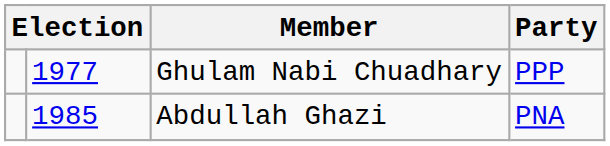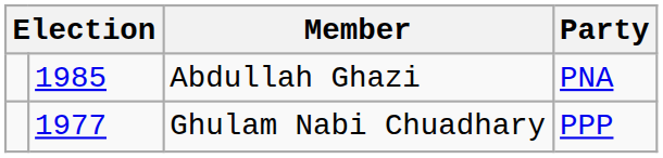 <table class="wikitable">
 <tr>
 <th colspan="2">Election</th>
 <th>Member</th>
 <th>Party</th>
 </tr>
 <tr>
 <td style="background-color: "></td>
+<td><a href='#'>1985</a></td>
+<td>Abdullah Ghazi</td>
+<td><a href='#'>PNA</a></td>
+</tr>
+<tr>
+<td style="background-color: "></td>
 <td><a href='#'>1977</a></td>
 <td>Ghulam Nabi Chuadhary</td>
 <td><a href='#'>PPP</a></td>
 </tr>
-<tr>
-<td style="background-color: "></td>
-<td><a href='#'>1985</a></td>
-<td>Abdullah Ghazi</td>
-<td><a href='#'>PNA</a></td>
-</tr>
 </table>
